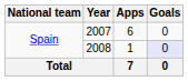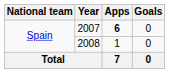 <table class="wikitable" style="text-align:center">
 <tr>
 <th>National team</th>
 <th>Year</th>
 <th>Apps</th>
 <th>Goals</th>
 </tr>
 <tr>
 <td rowspan="2"><a href='#'>Spain</a></td>
 <td>2007</td>
-<td>6</td>
+<td><strong>6</strong></td>
 <td>0</td>
 </tr>
 <tr>
 <td>2008</td>
 <td>1</td>
-<td style="background: lavender;">0</td>
+<td>0</td>
 </tr>
 <tr>
 <th colspan="2">Total</th>
 <th>7</th>
 <th>0</th>
 </tr>
 </table>
